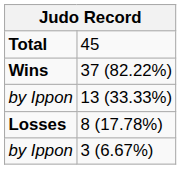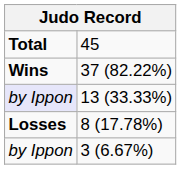 <table class="wikitable">
 <tr>
 <th colspan="2">Judo Record</th>
 </tr>
 <tr>
 <td><strong>Total</strong></td>
 <td>45</td>
 </tr>
 <tr>
 <td><strong>Wins</strong></td>
 <td>37 (82.22%)</td>
 </tr>
 <tr>
-<td><em>by Ippon</em></td>
+<td style="background: lavender;"><em>by Ippon</em></td>
 <td>13 (33.33%)</td>
 </tr>
 <tr>
 <td><strong>Losses</strong></td>
 <td>8 (17.78%)</td>
 </tr>
 <tr>
 <td><em>by Ippon</em></td>
 <td>3 (6.67%)</td>
 </tr>
 </table>
